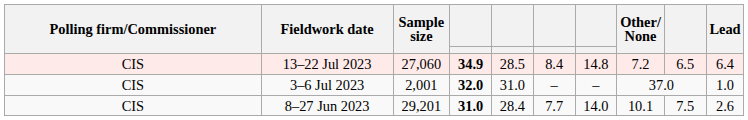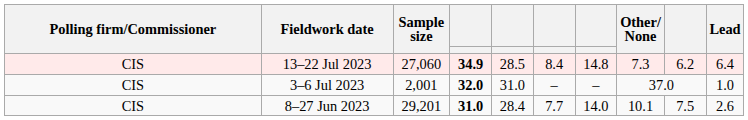 <table class="wikitable collapsible collapsed" style="text-align:center; font-size:90%; line-height:14px;">
 <tr style="height:42px;">
 <th style="width:250px;" rowspan="2">Polling firm/Commissioner</th>
 <th style="width:125px;" rowspan="2">Fieldwork date</th>
 <th style="width:50px;" rowspan="2">Sample size</th>
 <th style="width:35px;"></th>
 <th style="width:35px;"></th>
 <th style="width:35px;"></th>
 <th style="width:35px;"></th>
 <th style="width:35px;" rowspan="2">Other/<br>None</th>
 <th style="width:35px;" rowspan="2"></th>
 <th style="width:30px;" rowspan="2">Lead</th>
 </tr>
 <tr>
 <th style="color:inherit;background:"></th>
 <th style="color:inherit;background:"></th>
 <th style="color:inherit;background:"></th>
 <th style="color:inherit;background:"></th>
 </tr>
 <tr style="background:#FFEAEA;">
 <td>CIS</td>
 <td>13–22 Jul 2023</td>
 <td>27,060</td>
 <td><strong>34.9</strong></td>
 <td>28.5</td>
 <td>8.4</td>
 <td>14.8</td>
-<td>7.2</td>
-<td>6.5</td>
+<td>7.3</td>
+<td>6.2</td>
 <td style="background:">6.4</td>
 </tr>
 <tr>
 <td>CIS</td>
 <td>3–6 Jul 2023</td>
 <td>2,001</td>
 <td><strong>32.0</strong></td>
 <td>31.0</td>
 <td>–</td>
 <td>–</td>
 <td colspan="2">37.0</td>
 <td style="background:">1.0</td>
 </tr>
 <tr>
 <td>CIS</td>
 <td>8–27 Jun 2023</td>
 <td>29,201</td>
 <td><strong>31.0</strong></td>
 <td>28.4</td>
 <td>7.7</td>
 <td>14.0</td>
 <td>10.1</td>
 <td>7.5</td>
 <td style="background:">2.6</td>
 </tr>
 </table>
